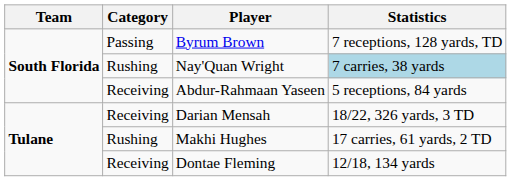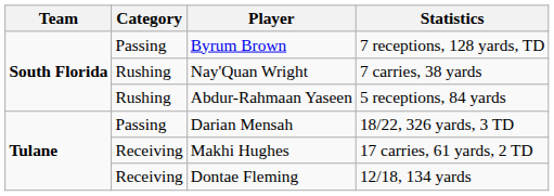 <table class="wikitable" style="float: right;">
 <tr>
 <th>Team</th>
 <th>Category</th>
 <th>Player</th>
 <th>Statistics</th>
 </tr>
 <tr>
 <td rowspan=3><strong>South Florida</strong></td>
 <td>Passing</td>
 <td><a href='#'>Byrum Brown</a></td>
 <td>7 receptions, 128 yards, TD</td>
 </tr>
 <tr>
 <td>Rushing</td>
 <td>Nay'Quan Wright</td>
-<td style="background: lightblue;">7 carries, 38 yards</td>
+<td>7 carries, 38 yards</td>
 </tr>
 <tr>
-<td>Receiving</td>
+<td>Rushing</td>
 <td>Abdur-Rahmaan Yaseen</td>
 <td>5 receptions, 84 yards</td>
 </tr>
 <tr>
 <td rowspan=3><strong>Tulane</strong></td>
-<td>Receiving</td>
+<td>Passing</td>
 <td>Darian Mensah</td>
 <td>18/22, 326 yards, 3 TD</td>
 </tr>
 <tr>
-<td>Rushing</td>
+<td>Receiving</td>
 <td>Makhi Hughes</td>
 <td>17 carries, 61 yards, 2 TD</td>
 </tr>
 <tr>
 <td>Receiving</td>
 <td>Dontae Fleming</td>
 <td>12/18, 134 yards</td>
 </tr>
 </table>
